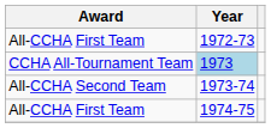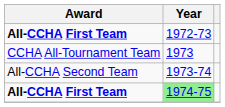 <table class="wikitable">
 <tr>
 <th>Award</th>
 <th>Year</th>
 <th></th>
 </tr>
 <tr>
-<td>All-<a href='#'>CCHA</a> <a href='#'>First Team</a></td>
+<td><strong>All-<a href='#'>CCHA</a> <a href='#'>First Team</a></strong></td>
 <td><a href='#'>1972-73</a></td>
 <td></td>
 </tr>
 <tr>
 <td><a href='#'>CCHA</a> <a href='#'>All-Tournament Team</a></td>
-<td style="background: lightblue;"><a href='#'>1973</a></td>
+<td><a href='#'>1973</a></td>
 <td></td>
 </tr>
 <tr>
 <td>All-<a href='#'>CCHA</a> <a href='#'>Second Team</a></td>
 <td><a href='#'>1973-74</a></td>
 <td></td>
 </tr>
 <tr>
-<td>All-<a href='#'>CCHA</a> <a href='#'>First Team</a></td>
-<td><a href='#'>1974-75</a></td>
+<td><strong>All-<a href='#'>CCHA</a> <a href='#'>First Team</a></strong></td>
+<td style="background: lightgreen;"><a href='#'>1974-75</a></td>
 <td></td>
 </tr>
 <tr>
 </tr>
 </table>
